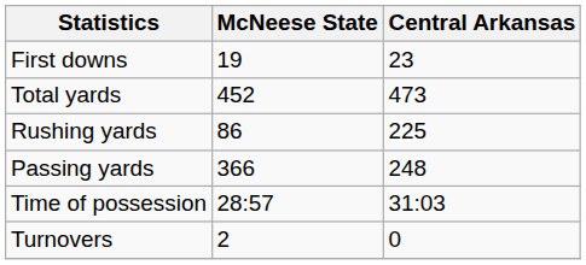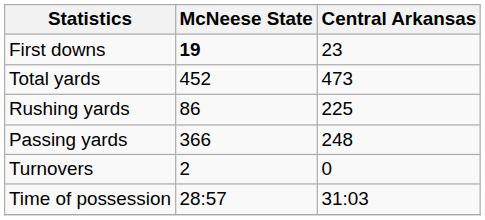 <table class="wikitable">
 <tr>
 <th>Statistics</th>
 <th>McNeese State</th>
 <th>Central Arkansas</th>
 </tr>
 <tr>
 <td>First downs</td>
-<td>19</td>
+<td><strong>19</strong></td>
 <td>23</td>
 </tr>
 <tr>
 <td>Total yards</td>
 <td>452</td>
 <td>473</td>
 </tr>
 <tr>
 <td>Rushing yards</td>
 <td>86</td>
 <td>225</td>
 </tr>
 <tr>
 <td>Passing yards</td>
 <td>366</td>
 <td>248</td>
 </tr>
 <tr>
+<td>Turnovers</td>
+<td>2</td>
+<td>0</td>
+</tr>
+<tr>
 <td>Time of possession</td>
 <td>28:57</td>
 <td>31:03</td>
 </tr>
 <tr>
-<td>Turnovers</td>
-<td>2</td>
-<td>0</td>
-</tr>
-<tr>
 </tr>
 </table>
